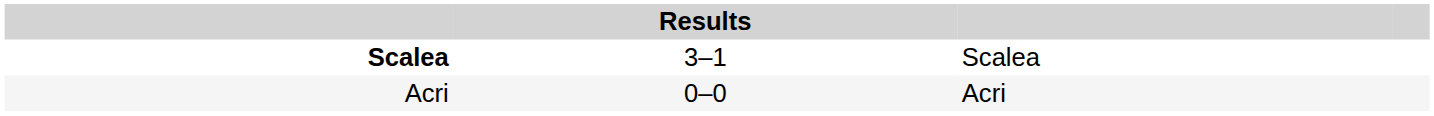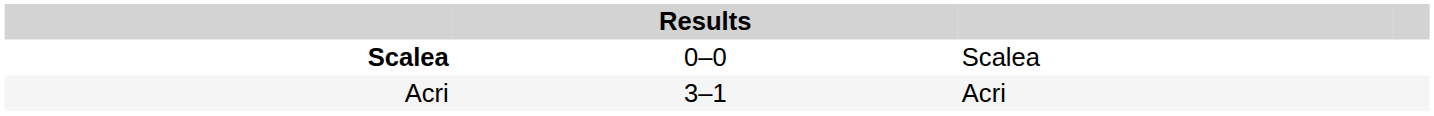 <table align=center style="font-size: 85%; border-collapse:collapse" border=0 cellspacing=0 cellpadding=2 width=60%>
 <tr bgcolor="D3D3D3">
 <th align=right></th>
 <th align=center>Results</th>
 <th align=left></th>
 <th align=center></th>
 </tr>
 <tr bgcolor=#FFFFFF>
 <td align=right><strong>Scalea</strong></td>
-<td align=center>3–1</td>
+<td align=center>0–0</td>
 <td>Scalea</td>
 <td align=center></td>
 </tr>
 <tr bgcolor=#F5F5F5>
 <td align=right>Acri</td>
-<td align=center>0–0</td>
+<td align=center>3–1</td>
 <td>Acri</td>
 <td align=center></td>
 </tr>
 </table>
